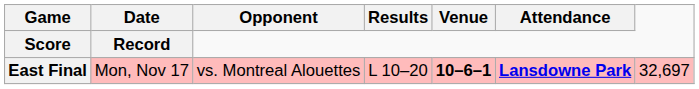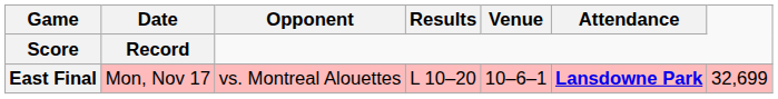 <table class="wikitable" style="text-align:center">
 <tr>
 <th>Game</th>
 <th>Date</th>
 <th>Opponent</th>
 <th>Results</th>
 <th>Venue</th>
 <th>Attendance</th>
 </tr>
 <tr>
 <th>Score</th>
 <th>Record</th>
 </tr>
 <tr style="background:#ffbbbb">
 <th>East Final</th>
 <td>Mon, Nov 17</td>
 <td>vs. Montreal Alouettes</td>
 <td>L 10–20</td>
-<td><strong>10–6–1</strong></td>
+<td>10–6–1</td>
 <td><strong><a href='#'>Lansdowne Park</a></strong></td>
-<td>32,697</td>
+<td>32,699</td>
 </tr>
 </table>
